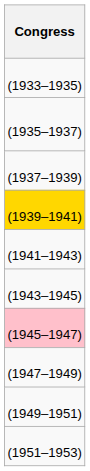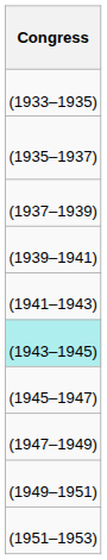 <table class="wikitable" style="float:left; margin:0; margin-right:-0.5px; margin-top:14px; text-align:center;">
 <tr style="white-space:nowrap; height:4.08em;">
 <th>Congress</th>
 </tr>
 <tr style="white-space:nowrap; height:3em;">
 <td><strong></strong><br>(1933–1935)</td>
 </tr>
 <tr style="white-space:nowrap; height:4.04em">
 <td><strong></strong><br>(1935–1937)</td>
 </tr>
 <tr style="white-space:nowrap; height:3em">
 <td><strong></strong><br>(1937–1939)</td>
 </tr>
 <tr style="white-space:nowrap; height:3em">
-<td style="background: gold;"><strong></strong><br>(1939–1941)</td>
+<td><strong></strong><br>(1939–1941)</td>
 </tr>
 <tr style="white-space:nowrap; height:3em">
 <td><strong></strong><br>(1941–1943)</td>
 </tr>
 <tr style="white-space:nowrap; height:3em;">
-<td><strong></strong><br>(1943–1945)</td>
+<td style="background: paleturquoise;"><strong></strong><br>(1943–1945)</td>
 </tr>
 <tr style="white-space:nowrap; height:3em">
-<td style="background: pink;"><strong></strong><br>(1945–1947)</td>
+<td><strong></strong><br>(1945–1947)</td>
 </tr>
 <tr style="white-space:nowrap; height:3em">
 <td><strong></strong><br>(1947–1949)</td>
 </tr>
 <tr style="white-space:nowrap; height:3em">
 <td><strong></strong><br>(1949–1951)</td>
 </tr>
 <tr style="white-space:nowrap; height:3em">
 <td><strong></strong><br>(1951–1953)</td>
 </tr>
 </table>
